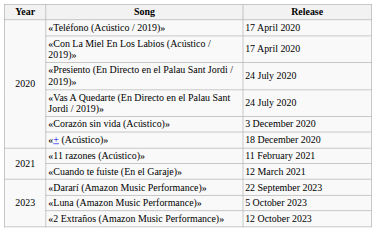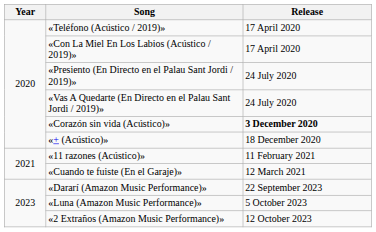 <table class="wikitable" style="text-align:center">
 <tr>
 <th rowspan="1" width="060">Year</th>
 <th rowspan="1" width="310">Song</th>
 <th rowspan="1" width="200">Release</th>
 </tr>
 <tr>
 <td rowspan="6">2020</td>
 <td align="left">«Teléfono (Acústico / 2019)»</td>
 <td align="left">17 April 2020</td>
 </tr>
 <tr>
 <td align="left">«Con La Miel En Los Labios (Acústico / 2019)»</td>
 <td align="left">17 April 2020</td>
 </tr>
 <tr>
 <td align="left">«Presiento (En Directo en el Palau Sant Jordi / 2019)»</td>
 <td align="left">24 July 2020</td>
 </tr>
 <tr>
 <td align="left">«Vas A Quedarte (En Directo en el Palau Sant Jordi / 2019)»</td>
 <td align="left">24 July 2020</td>
 </tr>
 <tr>
 <td align="left">«Corazón sin vida (Acústico)» </td>
-<td align="left">3 December 2020</td>
+<td align="left"><strong>3 December 2020</strong></td>
 </tr>
 <tr>
 <td align="left">«<a href='#'>+</a> (Acústico)»</td>
 <td align="left">18 December 2020</td>
 </tr>
 <tr>
 <td rowspan="2">2021</td>
 <td align="left">«11 razones (Acústico)»</td>
 <td align="left">11 February 2021</td>
 </tr>
 <tr>
 <td align="left">«Cuando te fuiste (En el Garaje)» </td>
 <td align="left">12 March 2021</td>
 </tr>
 <tr>
 <td rowspan="3">2023</td>
 <td align="left">«Dararí (Amazon Music Performance)»</td>
 <td align="left">22 September 2023</td>
 </tr>
 <tr>
 <td align="left">«Luna (Amazon Music Performance)»</td>
 <td align="left">5 October 2023</td>
 </tr>
 <tr>
 <td align="left">«2 Extraños (Amazon Music Performance)»</td>
 <td align="left">12 October 2023</td>
 </tr>
 </table>
